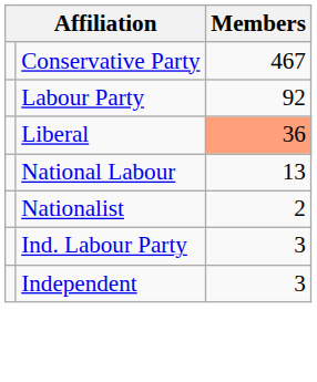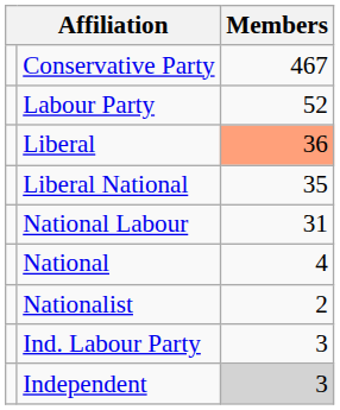 <table class="wikitable">
 <tr>
 <th colspan="2">Affiliation</th>
 <th>Members</th>
 </tr>
 <tr>
 <td style="color:inherit;background:"></td>
 <td><a href='#'>Conservative Party</a></td>
 <td align="right">467</td>
 </tr>
 <tr>
 <td style="color:inherit;background:"></td>
 <td><a href='#'>Labour Party</a></td>
-<td align="right">92</td>
+<td align="right">52</td>
 </tr>
 <tr>
 <td style="color:inherit;background:"></td>
 <td><a href='#'>Liberal</a></td>
 <td align="right" style="background: lightsalmon;">36</td>
 </tr>
 <tr>
 <td style="color:inherit;background:"></td>
+<td><a href='#'>Liberal National</a></td>
+<td align="right">35</td>
+</tr>
+<tr>
+<td style="color:inherit;background:"></td>
 <td><a href='#'>National Labour</a></td>
-<td align="right">13</td>
+<td align="right">31</td>
+</tr>
+<tr>
+<td style="color:inherit;background:"></td>
+<td><a href='#'>National</a></td>
+<td align="right">4</td>
 </tr>
 <tr>
 <td style="color:inherit;background:"></td>
 <td><a href='#'>Nationalist</a></td>
 <td align="right">2</td>
 </tr>
 <tr>
 <td style="color:inherit;background:"></td>
 <td><a href='#'>Ind. Labour Party</a></td>
 <td align="right">3</td>
 </tr>
 <tr>
 <td style="color:inherit;background:"></td>
 <td><a href='#'>Independent</a></td>
-<td align="right">3</td>
+<td align="right" style="background: lightgrey;">3</td>
 </tr>
 </table>
